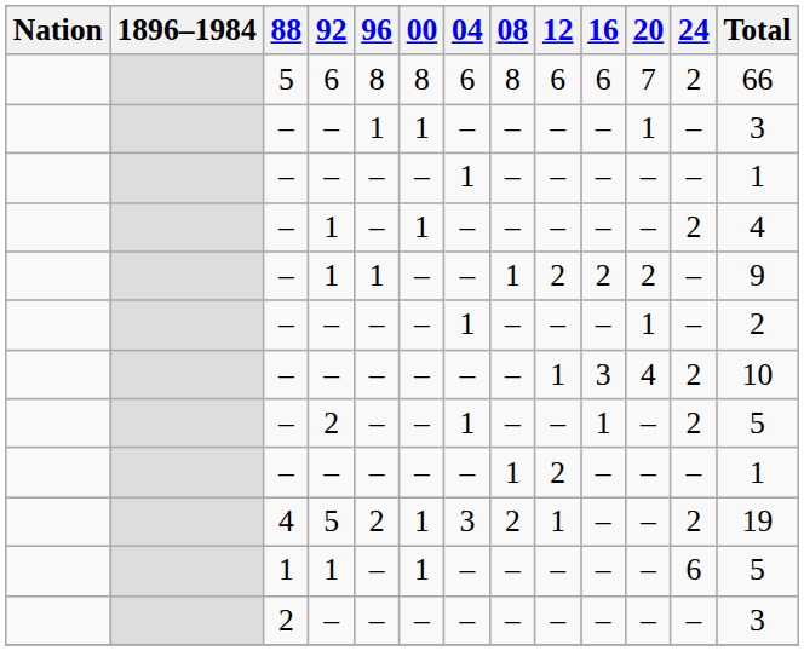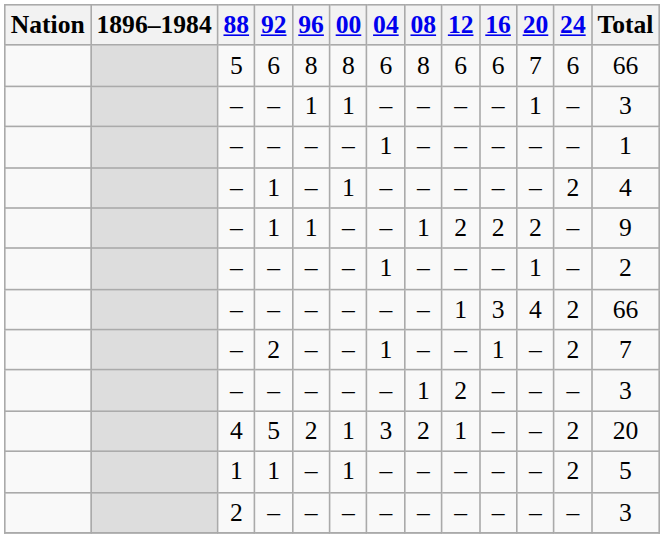 <table class="wikitable sortable" style="text-align:center">
 <tr>
 <th>Nation</th>
 <th class=unsortable><span>1896–1984</span></th>
 <th><a href='#'>88</a></th>
 <th><a href='#'>92</a></th>
 <th><a href='#'>96</a></th>
 <th><a href='#'>00</a></th>
 <th><a href='#'>04</a></th>
 <th><a href='#'>08</a></th>
 <th><a href='#'>12</a></th>
 <th><a href='#'>16</a></th>
 <th><a href='#'>20</a></th>
 <th><a href='#'>24</a></th>
 <th>Total</th>
 </tr>
 <tr>
 <td align=left></td>
 <td style="background:#ddd"></td>
 <td>5</td>
 <td>6</td>
 <td>8</td>
 <td>8</td>
 <td>6</td>
 <td>8</td>
 <td>6</td>
 <td>6</td>
 <td>7</td>
-<td>2</td>
+<td>6</td>
 <td>66</td>
 </tr>
 <tr>
 <td align=left></td>
 <td style="background:#ddd"></td>
 <td>–</td>
 <td>–</td>
 <td>1</td>
 <td>1</td>
 <td>–</td>
 <td>–</td>
 <td>–</td>
 <td>–</td>
 <td>1</td>
 <td>–</td>
 <td>3</td>
 </tr>
 <tr>
 <td align=left></td>
 <td style="background:#ddd"></td>
 <td>–</td>
 <td>–</td>
 <td>–</td>
 <td>–</td>
 <td>1</td>
 <td>–</td>
 <td>–</td>
 <td>–</td>
 <td>–</td>
 <td>–</td>
 <td>1</td>
 </tr>
 <tr>
 <td align=left></td>
 <td style="background:#ddd"></td>
 <td>–</td>
 <td>1</td>
 <td>–</td>
 <td>1</td>
 <td>–</td>
 <td>–</td>
 <td>–</td>
 <td>–</td>
 <td>–</td>
 <td>2</td>
 <td>4</td>
 </tr>
 <tr>
 <td align=left></td>
 <td style="background:#ddd"></td>
 <td>–</td>
 <td>1</td>
 <td>1</td>
 <td>–</td>
 <td>–</td>
 <td>1</td>
 <td>2</td>
 <td>2</td>
 <td>2</td>
 <td>–</td>
 <td>9</td>
 </tr>
 <tr>
 <td align=left></td>
 <td style="background:#ddd"></td>
 <td>–</td>
 <td>–</td>
 <td>–</td>
 <td>–</td>
 <td>1</td>
 <td>–</td>
 <td>–</td>
 <td>–</td>
 <td>1</td>
 <td>–</td>
 <td>2</td>
 </tr>
 <tr>
 <td align=left></td>
 <td style="background:#ddd"></td>
 <td>–</td>
 <td>–</td>
 <td>–</td>
 <td>–</td>
 <td>–</td>
 <td>–</td>
 <td>1</td>
 <td>3</td>
 <td>4</td>
 <td>2</td>
-<td>10</td>
+<td>66</td>
 </tr>
 <tr>
 <td align=left></td>
 <td style="background:#ddd"></td>
 <td>–</td>
 <td>2</td>
 <td>–</td>
 <td>–</td>
 <td>1</td>
 <td>–</td>
 <td>–</td>
 <td>1</td>
 <td>–</td>
 <td>2</td>
-<td>5</td>
+<td>7</td>
 </tr>
 <tr>
 <td align=left></td>
 <td style="background:#ddd"></td>
 <td>–</td>
 <td>–</td>
 <td>–</td>
 <td>–</td>
 <td>–</td>
 <td>1</td>
 <td>2</td>
 <td>–</td>
 <td>–</td>
 <td>–</td>
-<td>1</td>
+<td>3</td>
 </tr>
 <tr>
 <td align=left></td>
 <td style="background:#ddd"></td>
 <td>4</td>
 <td>5</td>
 <td>2</td>
 <td>1</td>
 <td>3</td>
 <td>2</td>
 <td>1</td>
 <td>–</td>
 <td>–</td>
 <td>2</td>
-<td>19</td>
+<td>20</td>
 </tr>
 <tr>
 <td align=left></td>
 <td style="background:#ddd"></td>
 <td>1</td>
 <td>1</td>
 <td>–</td>
 <td>1</td>
 <td>–</td>
 <td>–</td>
 <td>–</td>
 <td>–</td>
 <td>–</td>
-<td>6</td>
+<td>2</td>
 <td>5</td>
 </tr>
 <tr>
 <td align=left></td>
 <td style="background:#ddd"></td>
 <td>2</td>
 <td>–</td>
 <td>–</td>
 <td>–</td>
 <td>–</td>
 <td>–</td>
 <td>–</td>
 <td>–</td>
 <td>–</td>
 <td>–</td>
 <td>3</td>
 </tr>
 <tr>
 </tr>
 </table>
